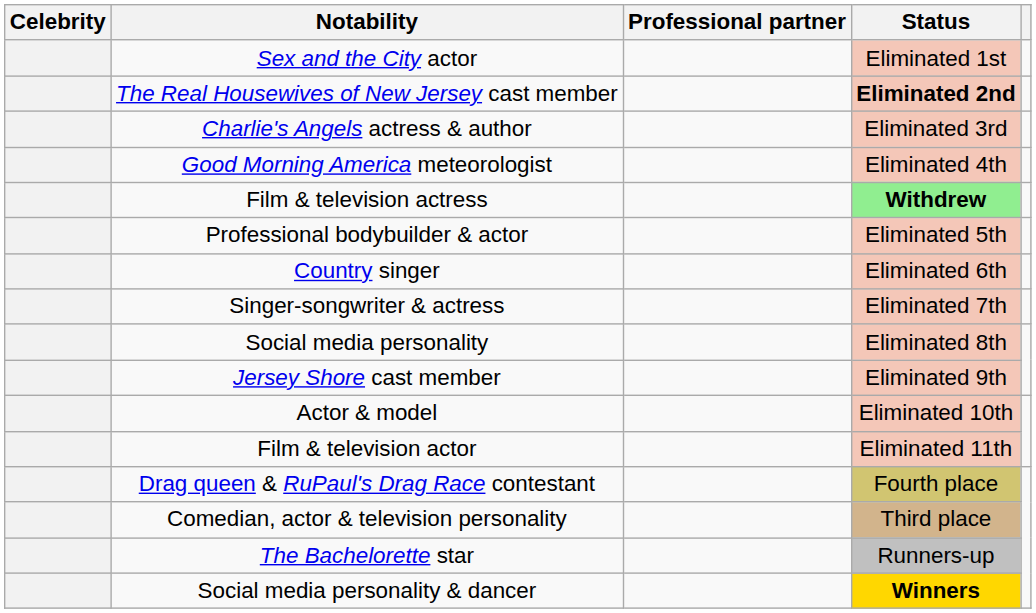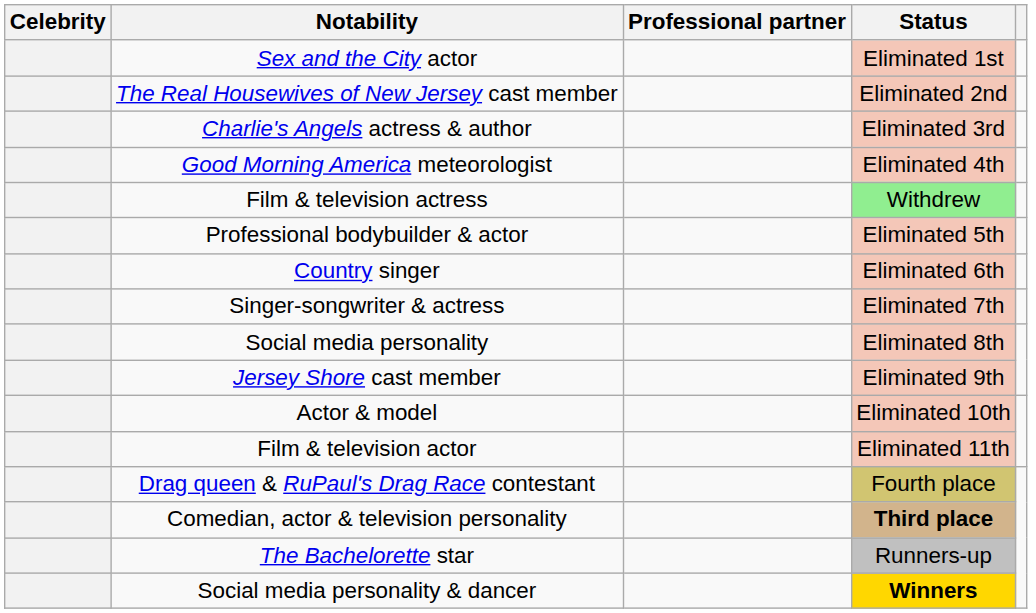 <table class="wikitable sortable" style="text-align:center;">
 <tr>
 <th scope="col">Celebrity</th>
 <th scope="col" class="unsortable">Notability</th>
 <th scope="col">Professional partner</th>
 <th scope="col">Status</th>
 <th scope="col" class="unsortable"></th>
 </tr>
 <tr>
 <th scope="row"></th>
 <td><em><a href='#'>Sex and the City</a></em> actor</td>
 <td></td>
 <td style="background:#f4c7b8">Eliminated 1st<br></td>
 <td></td>
 </tr>
 <tr>
 <th scope="row"></th>
 <td><em><a href='#'>The Real Housewives of New Jersey</a></em> cast member</td>
 <td></td>
-<td style="background:#f4c7b8"><strong>Eliminated 2nd<br></strong></td>
+<td style="background:#f4c7b8">Eliminated 2nd<br></td>
 <td></td>
 </tr>
 <tr>
 <th scope="row"></th>
 <td><em><a href='#'>Charlie's Angels</a></em> actress & author</td>
 <td></td>
 <td style="background:#f4c7b8">Eliminated 3rd<br></td>
 <td></td>
 </tr>
 <tr>
 <th scope="row"></th>
 <td><em><a href='#'>Good Morning America</a></em> meteorologist</td>
 <td></td>
 <td style="background:#f4c7b8">Eliminated 4th<br></td>
 <td></td>
 </tr>
 <tr>
 <th scope="row"></th>
 <td>Film & television actress</td>
 <td></td>
-<td style=background:lightgreen><strong>Withdrew<br></strong></td>
+<td style=background:lightgreen>Withdrew<br></td>
 <td></td>
 </tr>
 <tr>
 <th scope="row"></th>
 <td>Professional bodybuilder & actor</td>
 <td><br></td>
 <td style="background:#f4c7b8">Eliminated 5th<br></td>
 <td></td>
 </tr>
 <tr>
 <th scope="row"></th>
 <td><a href='#'>Country</a> singer</td>
 <td></td>
 <td style="background:#f4c7b8">Eliminated 6th<br></td>
 <td></td>
 </tr>
 <tr>
 <th scope="row"></th>
 <td>Singer-songwriter & actress</td>
 <td></td>
 <td style="background:#f4c7b8">Eliminated 7th<br></td>
 <td></td>
 </tr>
 <tr>
 <th scope="row"></th>
 <td>Social media personality</td>
 <td></td>
 <td style="background:#f4c7b8">Eliminated 8th<br></td>
 <td rowspan=2></td>
 </tr>
 <tr>
 <th scope="row"></th>
 <td><em><a href='#'>Jersey Shore</a></em> cast member</td>
 <td></td>
 <td style="background:#f4c7b8">Eliminated 9th<br></td>
 </tr>
 <tr>
 <th scope="row"></th>
 <td>Actor & model</td>
 <td></td>
 <td style="background:#f4c7b8">Eliminated 10th<br></td>
 <td rowspan=2></td>
 </tr>
 <tr>
 <th scope="row"></th>
 <td>Film & television actor</td>
 <td></td>
 <td style="background:#f4c7b8">Eliminated 11th<br></td>
 </tr>
 <tr>
 <th scope="row"></th>
 <td><a href='#'>Drag queen</a> & <em><a href='#'>RuPaul's Drag Race</a></em> contestant</td>
 <td></td>
 <td style="background:#D1C571">Fourth place<br></td>
 <td rowspan=4></td>
 </tr>
 <tr>
 <th scope="row"></th>
 <td>Comedian, actor & television personality</td>
 <td></td>
-<td style="background:tan">Third place<br></td>
+<td style="background:tan"><strong>Third place<br></strong></td>
 </tr>
 <tr>
 <th scope="row"></th>
 <td><em><a href='#'>The Bachelorette</a></em> star</td>
 <td><br></td>
 <td style="background:silver">Runners-up<br></td>
 </tr>
 <tr>
 <th scope="row"></th>
 <td>Social media personality & dancer</td>
 <td></td>
 <td style="background:gold"><strong>Winners</strong><br></td>
 </tr>
 </table>
